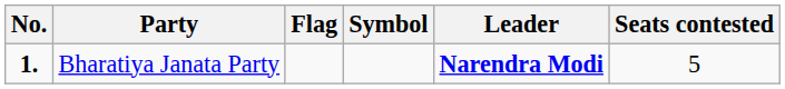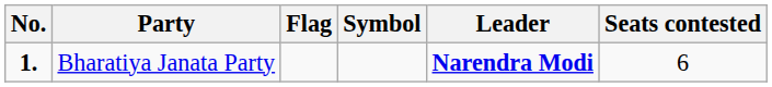 <table class="wikitable">
 <tr>
 <th>No.</th>
 <th>Party</th>
 <th>Flag</th>
 <th>Symbol</th>
 <th>Leader</th>
 <th>Seats contested</th>
 </tr>
 <tr>
 <td ! style="text-align:center; background:"><strong>1.</strong></td>
 <td style="text-align:center"><a href='#'>Bharatiya Janata Party</a></td>
 <td></td>
 <td></td>
 <td style="text-align:center"><strong><a href='#'>Narendra Modi</a></strong></td>
-<td style="text-align:center">5</td>
+<td style="text-align:center">6</td>
 </tr>
 </table>
